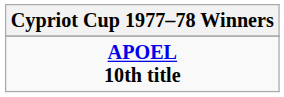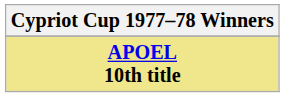 <table class="wikitable" style="text-align:center;margin: 0 auto;">
 <tr>
 <th>Cypriot Cup 1977–78 Winners</th>
 </tr>
 <tr>
 </tr>
 <tr>
-<td><strong><a href='#'>APOEL</a></strong><br><strong>10th title</strong></td>
+<td style="background: khaki;"><strong><a href='#'>APOEL</a></strong><br><strong>10th title</strong></td>
 </tr>
 </table>
